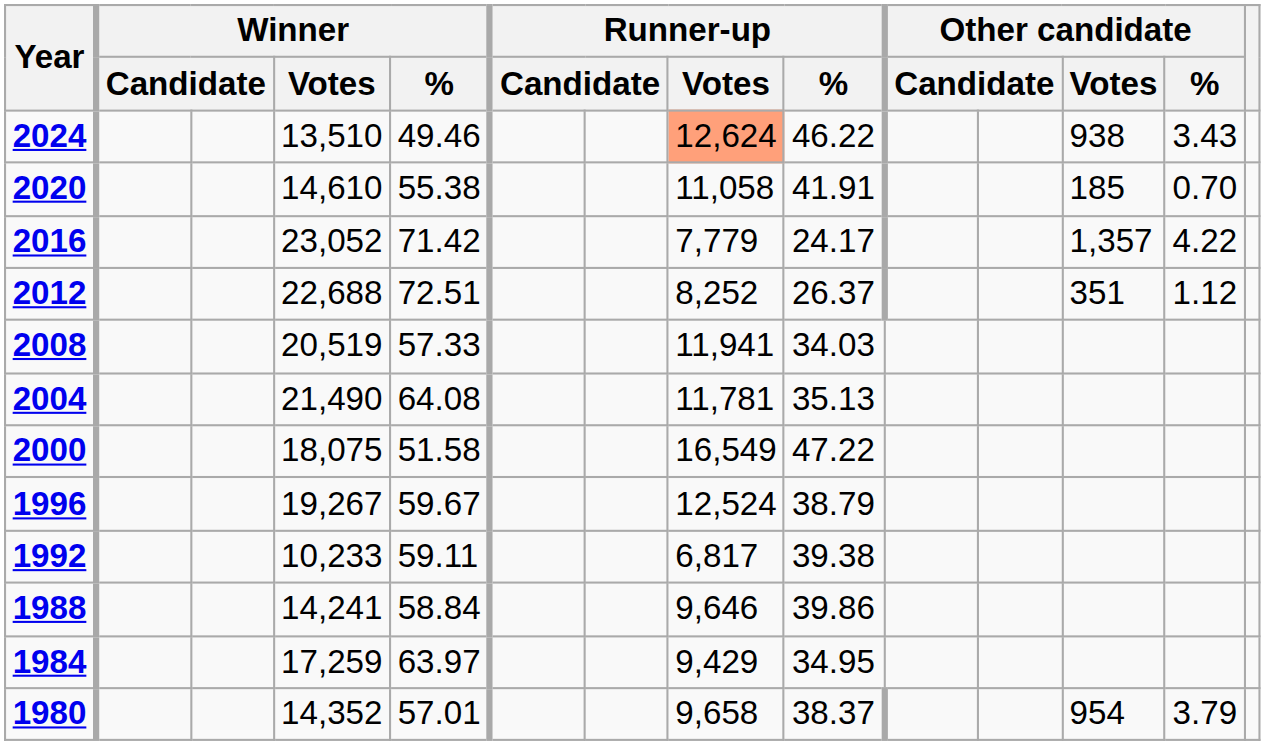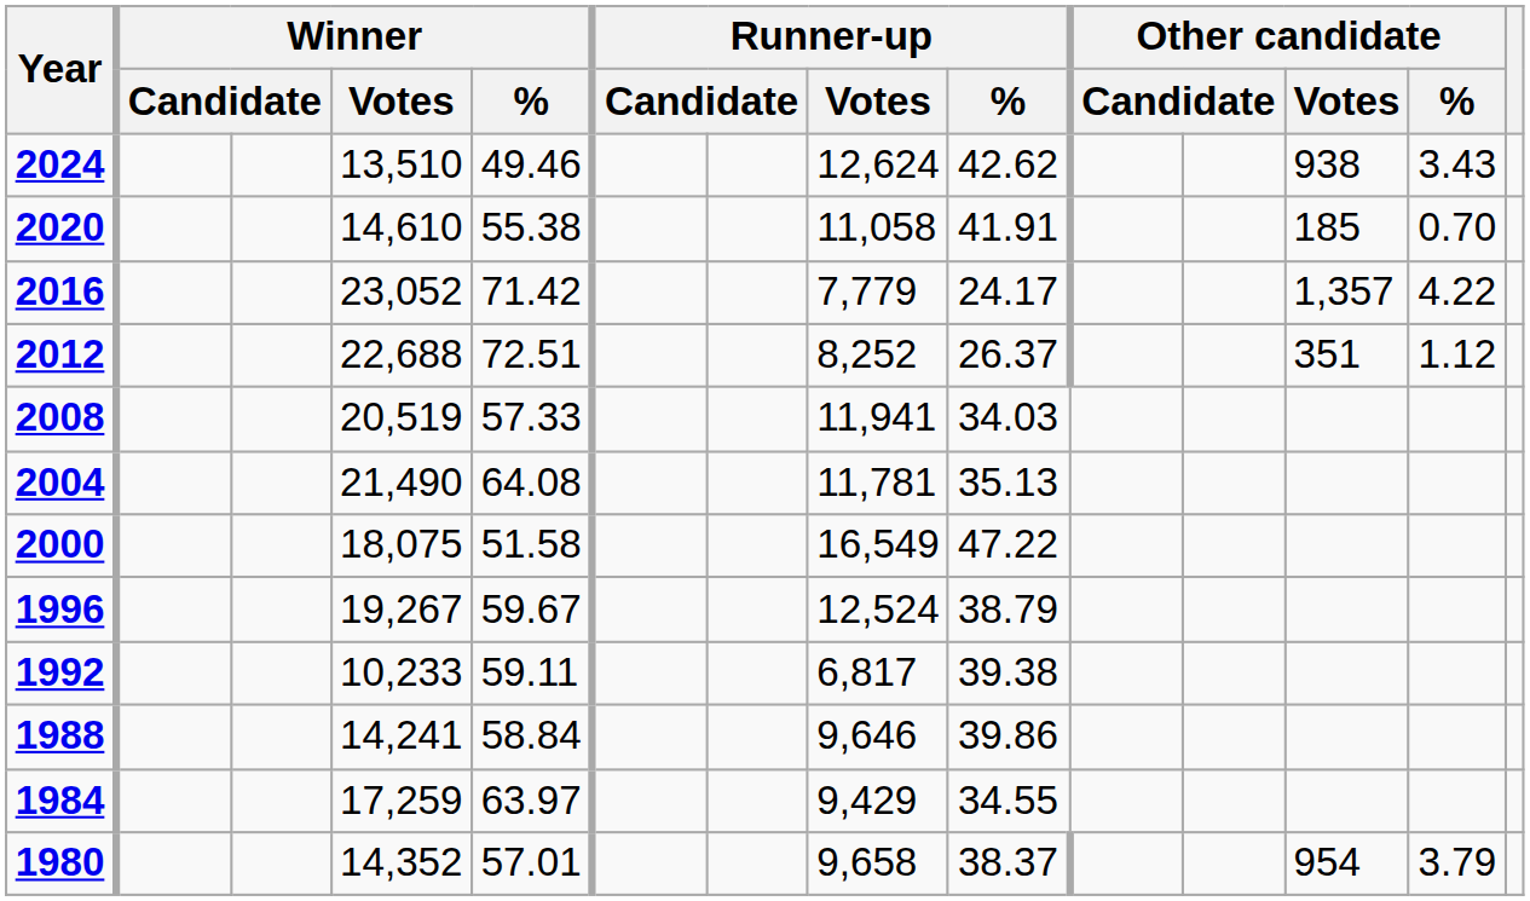 <table class="wikitable sortable">
 <tr>
 <th rowspan="2" scope="col">Year</th>
 <th colspan="4" scope="col" style="border-left:3px solid darkgray;">Winner</th>
 <th colspan="4" scope="col" style="border-left:3px solid darkgray;">Runner-up</th>
 <th colspan="4" scope="col" style="border-left:3px solid darkgray;">Other candidate</th>
 <th rowspan="2" class="unsortable" scope="col"></th>
 </tr>
 <tr>
 <th colspan="2" scope="col" style="border-left:3px solid darkgray;">Candidate</th>
 <th data-sort-type="number" scope="col">Votes</th>
 <th data-sort-type="number" scope="col">%</th>
 <th colspan="2" scope="col" style="border-left:3px solid darkgray;">Candidate</th>
 <th data-sort-type="number" scope="col">Votes</th>
 <th data-sort-type="number" scope="col">%</th>
 <th colspan="2" scope="col" style="border-left:3px solid darkgray;">Candidate</th>
 <th data-sort-type="number" scope="col">Votes</th>
 <th data-sort-type="number" scope="col">%</th>
 </tr>
 <tr>
 <td><strong><a href='#'>2024</a></strong></td>
 <td style="text-align:left; border-left:3px solid darkgray; background-color:"></td>
 <td><strong></strong> </td>
 <td>13,510</td>
 <td>49.46</td>
 <td style="text-align:left; border-left:3px solid darkgray; background-color:"></td>
 <td> </td>
-<td style="background: lightsalmon;">12,624</td>
-<td>46.22</td>
+<td>12,624</td>
+<td>42.62</td>
 <td style="text-align:left; border-left:3px solid darkgray; background:"></td>
 <td> </td>
 <td>938</td>
 <td>3.43</td>
 <td></td>
 </tr>
 <tr>
 <td><strong><a href='#'>2020</a></strong></td>
 <td style="text-align:left; border-left:3px solid darkgray; background-color:"></td>
 <td><strong></strong> </td>
 <td>14,610</td>
 <td>55.38</td>
 <td style="text-align:left; border-left:3px solid darkgray; background-color:"></td>
 <td> </td>
 <td>11,058</td>
 <td>41.91</td>
 <td style="text-align:left; border-left:3px solid darkgray; background-color:"></td>
 <td> </td>
 <td>185</td>
 <td>0.70</td>
 <td></td>
 </tr>
 <tr>
 <td><strong><a href='#'>2016</a></strong></td>
 <td style="text-align:left; border-left:3px solid darkgray; background-color:"></td>
 <td><strong></strong> </td>
 <td>23,052</td>
 <td>71.42</td>
 <td style="text-align:left; border-left:3px solid darkgray; background-color:"></td>
 <td> </td>
 <td>7,779</td>
 <td>24.17</td>
 <td style="text-align:left; border-left:3px solid darkgray; background-color:"></td>
 <td> </td>
 <td>1,357</td>
 <td>4.22</td>
 <td></td>
 </tr>
 <tr>
 <td><strong><a href='#'>2012</a></strong></td>
 <td style="text-align:left; border-left:3px solid darkgray; background-color:"></td>
 <td><strong></strong> </td>
 <td>22,688</td>
 <td>72.51</td>
 <td style="text-align:left; border-left:3px solid darkgray; background-color:"></td>
 <td> </td>
 <td>8,252</td>
 <td>26.37</td>
 <td style="text-align:left; border-left:3px solid darkgray; background-color:"></td>
 <td> </td>
 <td>351</td>
 <td>1.12</td>
 <td></td>
 </tr>
 <tr>
 <td><strong><a href='#'>2008</a></strong></td>
 <td style="text-align:left; border-left:3px solid darkgray; background-color:"></td>
 <td><strong></strong> </td>
 <td>20,519</td>
 <td>57.33</td>
 <td style="text-align:left; border-left:3px solid darkgray; background-color:"></td>
 <td> </td>
 <td>11,941</td>
 <td>34.03</td>
 <td></td>
 <td></td>
 <td></td>
 <td></td>
 <td></td>
 </tr>
 <tr>
 <td><strong><a href='#'>2004</a></strong></td>
 <td style="text-align:left; border-left:3px solid darkgray; background-color:"></td>
 <td><strong></strong> </td>
 <td>21,490</td>
 <td>64.08</td>
 <td style="text-align:left; border-left:3px solid darkgray; background-color:"></td>
 <td> </td>
 <td>11,781</td>
 <td>35.13</td>
 <td></td>
 <td></td>
 <td></td>
 <td></td>
 <td></td>
 </tr>
 <tr>
 <td><strong><a href='#'>2000</a></strong></td>
 <td style="text-align:left; border-left:3px solid darkgray; background-color:"></td>
 <td><strong></strong> </td>
 <td>18,075</td>
 <td>51.58</td>
 <td style="text-align:left; border-left:3px solid darkgray; background-color:"></td>
 <td> </td>
 <td>16,549</td>
 <td>47.22</td>
 <td></td>
 <td></td>
 <td></td>
 <td></td>
 <td></td>
 </tr>
 <tr>
 <td><strong><a href='#'>1996</a></strong></td>
 <td style="text-align:left; border-left:3px solid darkgray; background-color:"></td>
 <td><strong></strong> </td>
 <td>19,267</td>
 <td>59.67</td>
 <td style="text-align:left; border-left:3px solid darkgray; background-color:"></td>
 <td> </td>
 <td>12,524</td>
 <td>38.79</td>
 <td></td>
 <td></td>
 <td></td>
 <td></td>
 <td></td>
 </tr>
 <tr>
 <td><strong><a href='#'>1992</a></strong></td>
 <td style="text-align:left; border-left:3px solid darkgray; background-color:"></td>
 <td><strong></strong> </td>
 <td>10,233</td>
 <td>59.11</td>
 <td style="text-align:left; border-left:3px solid darkgray; background-color:"></td>
 <td> </td>
 <td>6,817</td>
 <td>39.38</td>
 <td></td>
 <td></td>
 <td></td>
 <td></td>
 <td></td>
 </tr>
 <tr>
 <td><strong><a href='#'>1988</a></strong></td>
 <td style="text-align:left; border-left:3px solid darkgray; background-color:"></td>
 <td><strong></strong> </td>
 <td>14,241</td>
 <td>58.84</td>
 <td style="text-align:left; border-left:3px solid darkgray; background-color:"></td>
 <td> </td>
 <td>9,646</td>
 <td>39.86</td>
 <td></td>
 <td></td>
 <td></td>
 <td></td>
 <td></td>
 </tr>
 <tr>
 <td><strong><a href='#'>1984</a></strong></td>
 <td style="text-align:left; border-left:3px solid darkgray; background-color:"></td>
 <td><strong></strong> </td>
 <td>17,259</td>
 <td>63.97</td>
 <td style="text-align:left; border-left:3px solid darkgray; background-color:"></td>
 <td> </td>
 <td>9,429</td>
-<td>34.95</td>
+<td>34.55</td>
 <td></td>
 <td></td>
 <td></td>
 <td></td>
 <td></td>
 </tr>
 <tr>
 <td><strong><a href='#'>1980</a></strong></td>
 <td style="text-align:left; border-left:3px solid darkgray; background-color:"></td>
 <td><strong></strong> </td>
 <td>14,352</td>
 <td>57.01</td>
 <td style="text-align:left; border-left:3px solid darkgray; background-color:"></td>
 <td> </td>
 <td>9,658</td>
 <td>38.37</td>
 <td style="text-align:left; border-left:3px solid darkgray; background:"></td>
 <td> </td>
 <td>954</td>
 <td>3.79</td>
 <td></td>
 </tr>
 </table>
